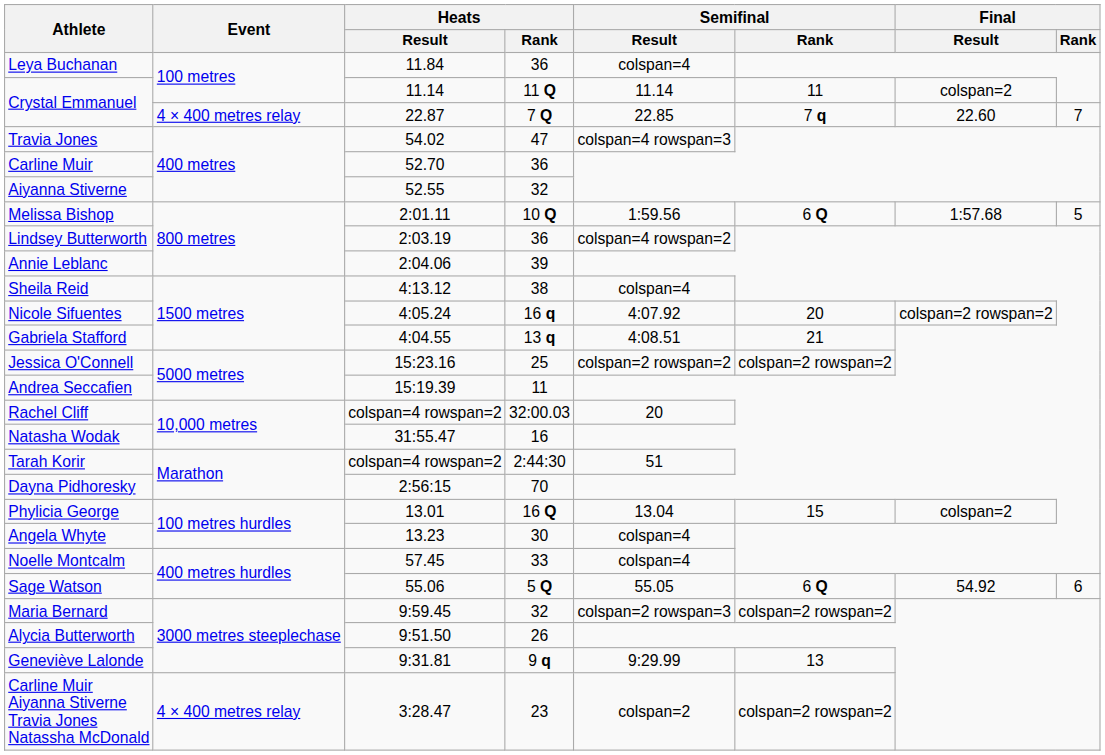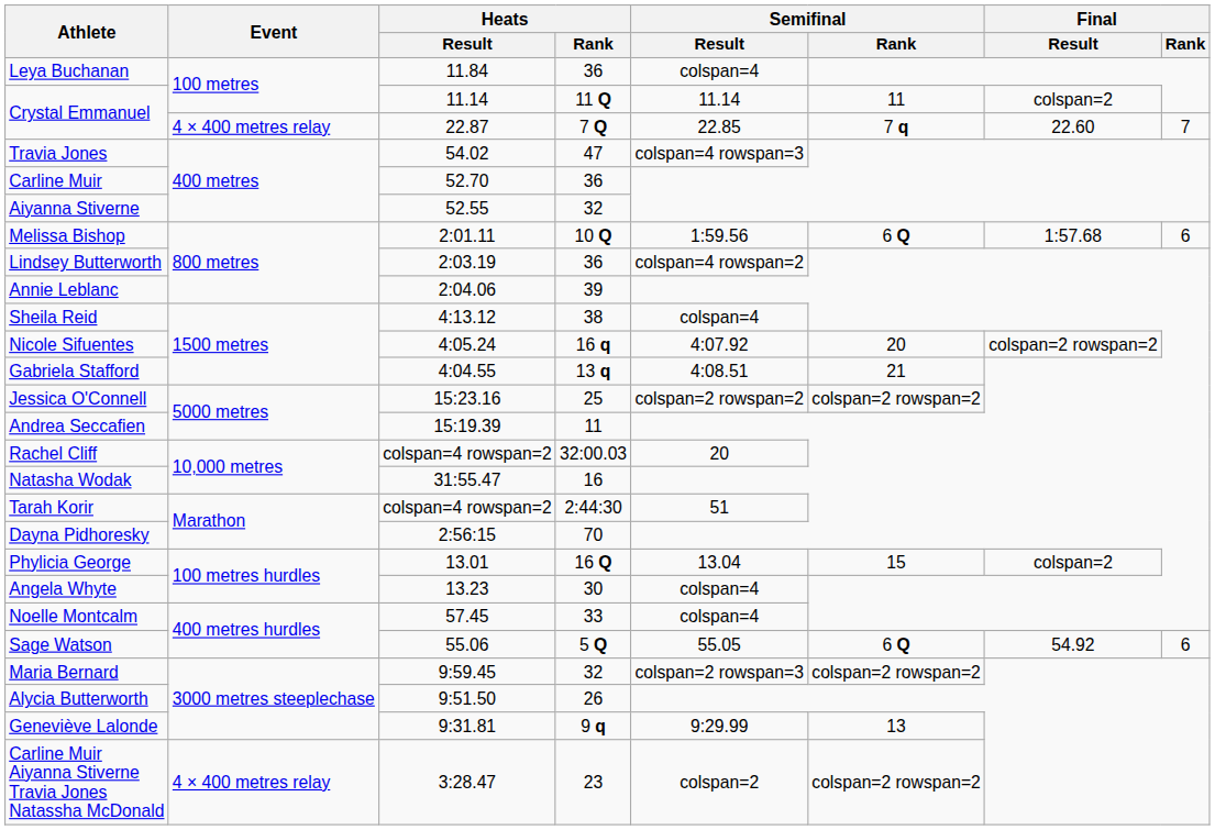 <table class=wikitable style=font-size:90%>
 <tr>
 <th rowspan=2>Athlete</th>
 <th rowspan=2>Event</th>
 <th colspan=2>Heats</th>
 <th colspan=2>Semifinal</th>
 <th colspan=2>Final</th>
 </tr>
 <tr style=font-size:95%>
 <th>Result</th>
 <th>Rank</th>
 <th>Result</th>
 <th>Rank</th>
 <th>Result</th>
 <th>Rank</th>
 </tr>
 <tr align=center>
 <td align=left><a href='#'>Leya Buchanan</a></td>
 <td align=left rowspan=2><a href='#'>100 metres</a></td>
 <td>11.84</td>
 <td>36</td>
 <td>colspan=4 </td>
 </tr>
 <tr align=center>
 <td align=left rowspan=2><a href='#'>Crystal Emmanuel</a></td>
 <td>11.14 <strong></strong></td>
 <td>11 <strong>Q</strong></td>
 <td>11.14 <strong></strong></td>
 <td>11</td>
 <td>colspan=2 </td>
 </tr>
 <tr align=center>
 <td align=left><a href='#'>4 × 400 metres relay</a></td>
 <td>22.87</td>
 <td>7 <strong>Q</strong></td>
 <td>22.85</td>
 <td>7 <strong>q</strong></td>
 <td>22.60</td>
 <td>7</td>
 </tr>
 <tr align=center>
 <td align=left><a href='#'>Travia Jones</a></td>
 <td align=left rowspan=3><a href='#'>400 metres</a></td>
 <td>54.02</td>
 <td>47</td>
 <td>colspan=4 rowspan=3 </td>
 </tr>
 <tr align=center>
 <td align=left><a href='#'>Carline Muir</a></td>
 <td>52.70</td>
 <td>36</td>
 </tr>
 <tr align=center>
 <td align=left><a href='#'>Aiyanna Stiverne</a></td>
 <td>52.55</td>
 <td>32</td>
 </tr>
 <tr align=center>
 <td align=left><a href='#'>Melissa Bishop</a></td>
 <td align=left rowspan=3><a href='#'>800 metres</a></td>
 <td>2:01.11</td>
 <td>10 <strong>Q</strong></td>
 <td>1:59.56</td>
 <td>6 <strong>Q</strong></td>
 <td>1:57.68</td>
-<td>5</td>
+<td>6</td>
 </tr>
 <tr align=center>
 <td align=left><a href='#'>Lindsey Butterworth</a></td>
 <td>2:03.19</td>
 <td>36</td>
 <td>colspan=4 rowspan=2 </td>
 </tr>
 <tr align=center>
 <td align=left><a href='#'>Annie Leblanc</a></td>
 <td>2:04.06</td>
 <td>39</td>
 </tr>
 <tr align=center>
 <td align=left><a href='#'>Sheila Reid</a></td>
 <td align=left rowspan=3><a href='#'>1500 metres</a></td>
 <td>4:13.12</td>
 <td>38</td>
 <td>colspan=4 </td>
 </tr>
 <tr align=center>
 <td align=left><a href='#'>Nicole Sifuentes</a></td>
 <td>4:05.24 <strong></strong></td>
 <td>16 <strong>q</strong></td>
 <td>4:07.92</td>
 <td>20</td>
 <td>colspan=2 rowspan=2 </td>
 </tr>
 <tr align=center>
 <td align=left><a href='#'>Gabriela Stafford</a></td>
 <td>4:04.55 <strong></strong></td>
 <td>13 <strong>q</strong></td>
 <td>4:08.51</td>
 <td>21</td>
 </tr>
 <tr align=center>
 <td align=left><a href='#'>Jessica O'Connell</a></td>
 <td align=left rowspan=2><a href='#'>5000 metres</a></td>
 <td>15:23.16</td>
 <td>25</td>
 <td>colspan=2 rowspan=2 </td>
 <td>colspan=2 rowspan=2 </td>
 </tr>
 <tr align=center>
 <td align=left><a href='#'>Andrea Seccafien</a></td>
 <td>15:19.39</td>
 <td>11</td>
 </tr>
 <tr align=center>
 <td align=left><a href='#'>Rachel Cliff</a></td>
 <td align=left rowspan=2><a href='#'>10,000 metres</a></td>
 <td>colspan=4 rowspan=2 </td>
 <td>32:00.03 <strong></strong></td>
 <td>20</td>
 </tr>
 <tr align=center>
 <td align=left><a href='#'>Natasha Wodak</a></td>
 <td>31:55.47 <strong></strong></td>
 <td>16</td>
 </tr>
 <tr align=center>
 <td align=left><a href='#'>Tarah Korir</a></td>
 <td align=left rowspan=2><a href='#'>Marathon</a></td>
 <td>colspan=4 rowspan=2 </td>
 <td>2:44:30</td>
 <td>51</td>
 </tr>
 <tr align=center>
 <td align=left><a href='#'>Dayna Pidhoresky</a></td>
 <td>2:56:15</td>
 <td>70</td>
 </tr>
 <tr align=center>
 <td align=left><a href='#'>Phylicia George</a></td>
 <td align=left rowspan=2><a href='#'>100 metres hurdles</a></td>
 <td>13.01</td>
 <td>16 <strong>Q</strong></td>
 <td>13.04</td>
 <td>15</td>
 <td>colspan=2 </td>
 </tr>
 <tr align=center>
 <td align=left><a href='#'>Angela Whyte</a></td>
 <td>13.23</td>
 <td>30</td>
 <td>colspan=4 </td>
 </tr>
 <tr align=center>
 <td align=left><a href='#'>Noelle Montcalm</a></td>
 <td align=left rowspan=2><a href='#'>400 metres hurdles</a></td>
 <td>57.45</td>
 <td>33</td>
 <td>colspan=4 </td>
 </tr>
 <tr align=center>
 <td align=left><a href='#'>Sage Watson</a></td>
 <td>55.06</td>
 <td>5 <strong>Q</strong></td>
 <td>55.05</td>
 <td>6 <strong>Q</strong></td>
 <td>54.92</td>
 <td>6</td>
 </tr>
 <tr align=center>
 <td align=left><a href='#'>Maria Bernard</a></td>
 <td align=left rowspan=3><a href='#'>3000 metres steeplechase</a></td>
 <td>9:59.45</td>
 <td>32</td>
 <td>colspan=2 rowspan=3 </td>
 <td>colspan=2 rowspan=2 </td>
 </tr>
 <tr align=center>
 <td align=left><a href='#'>Alycia Butterworth</a></td>
 <td>9:51.50</td>
 <td>26</td>
 </tr>
 <tr align=center>
 <td align=left><a href='#'>Geneviève Lalonde</a></td>
 <td>9:31.81 <strong></strong></td>
 <td>9 <strong>q</strong></td>
 <td>9:29.99 <strong></strong></td>
 <td>13</td>
 </tr>
 <tr align=center>
 <td align=left><a href='#'>Carline Muir</a><br><a href='#'>Aiyanna Stiverne</a><br><a href='#'>Travia Jones</a><br><a href='#'>Natassha McDonald</a></td>
 <td align=left><a href='#'>4 × 400 metres relay</a></td>
 <td>3:28.47 <strong></strong></td>
 <td>23</td>
 <td>colspan=2 </td>
 <td>colspan=2 rowspan=2 </td>
 </tr>
 </table>
